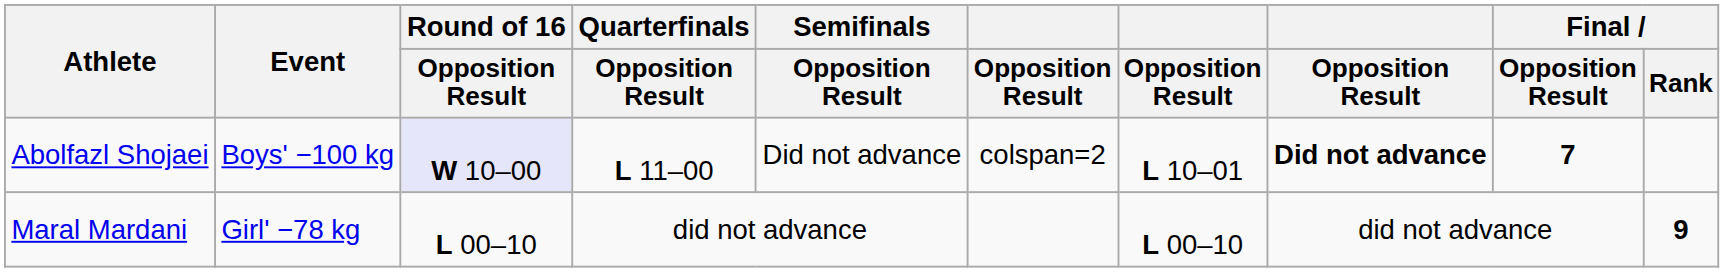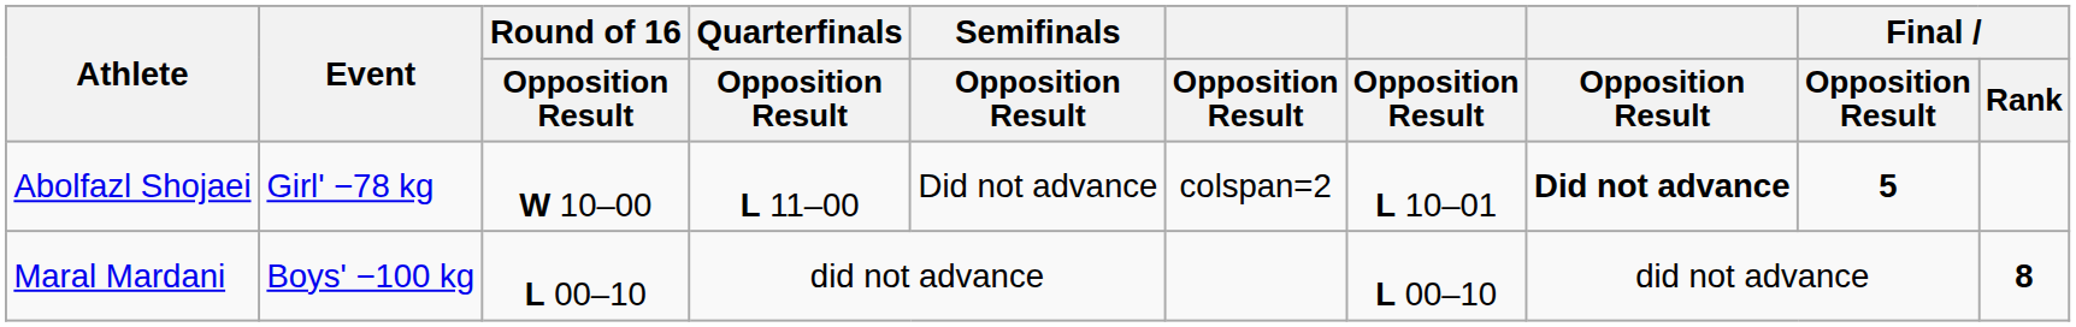 <table class="wikitable" style="font-size:90%">
 <tr>
 <th rowspan=2>Athlete</th>
 <th rowspan=2>Event</th>
 <th>Round of 16</th>
 <th>Quarterfinals</th>
 <th>Semifinals</th>
 <th></th>
 <th></th>
 <th></th>
 <th colspan=2>Final / </th>
 </tr>
 <tr style="font-size:95%">
 <th>Opposition<br>Result</th>
 <th>Opposition<br>Result</th>
 <th>Opposition<br>Result</th>
 <th>Opposition<br>Result</th>
 <th>Opposition<br>Result</th>
 <th>Opposition<br>Result</th>
 <th>Opposition<br>Result</th>
 <th>Rank</th>
 </tr>
 <tr align=center>
 <td align=left><a href='#'>Abolfazl Shojaei</a></td>
-<td align=left><a href='#'>Boys' −100 kg</a></td>
-<td style="background: lavender;"><br><strong>W</strong>  10–00</td>
+<td align=left><a href='#'>Girl' −78 kg</a></td>
+<td><br><strong>W</strong>  10–00</td>
 <td><br><strong>L</strong>  11–00</td>
 <td>Did not advance</td>
 <td>colspan=2 </td>
 <td><br><strong>L</strong>  10–01</td>
 <td align=center><strong>Did not advance</strong></td>
-<td><strong>7</strong></td>
+<td><strong>5</strong></td>
 </tr>
 <tr align=center>
 <td align=left><a href='#'>Maral Mardani</a></td>
-<td align=left><a href='#'>Girl' −78 kg</a></td>
+<td align=left><a href='#'>Boys' −100 kg</a></td>
 <td><br><strong>L</strong>  00–10</td>
 <td colspan="2">did not advance</td>
 <td></td>
 <td><br><strong>L</strong>  00–10</td>
 <td align=center colspan="2">did not advance</td>
-<td><strong>9</strong></td>
+<td><strong>8</strong></td>
 </tr>
 </table>
